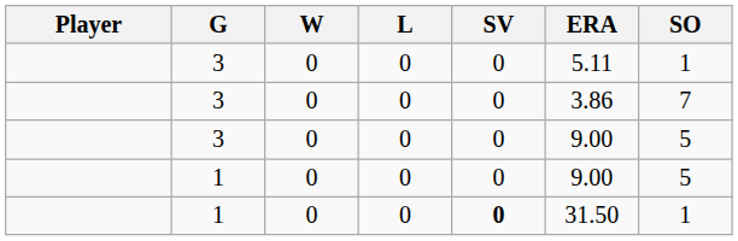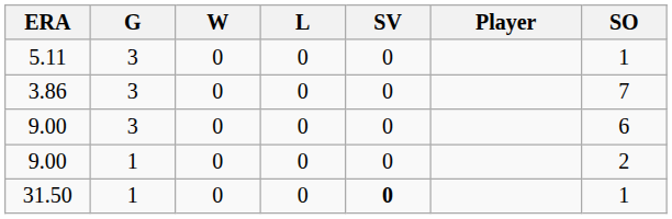 <table class="wikitable sortable">
 <tr>
-<th bgcolor="#DDDDFF" width="16%">Player</th>
+<th bgcolor="#DDDDFF" width="9%">ERA</th>
 <th bgcolor="#DDDDFF" width="9%">G</th>
 <th bgcolor="#DDDDFF" width="9%">W</th>
 <th bgcolor="#DDDDFF" width="9%">L</th>
 <th bgcolor="#DDDDFF" width="9%">SV</th>
-<th bgcolor="#DDDDFF" width="9%">ERA</th>
+<th bgcolor="#DDDDFF" width="16%">Player</th>
 <th bgcolor="#DDDDFF" width="9%">SO</th>
 </tr>
 <tr align="center">
-<td></td>
+<td>5.11</td>
 <td>3</td>
 <td>0</td>
 <td>0</td>
 <td>0</td>
-<td>5.11</td>
+<td></td>
 <td>1</td>
 </tr>
 <tr align="center">
-<td></td>
+<td>3.86</td>
 <td>3</td>
 <td>0</td>
 <td>0</td>
 <td>0</td>
-<td>3.86</td>
+<td></td>
 <td>7</td>
 </tr>
 <tr align="center">
-<td></td>
+<td>9.00</td>
 <td>3</td>
 <td>0</td>
 <td>0</td>
 <td>0</td>
-<td>9.00</td>
-<td>5</td>
+<td></td>
+<td>6</td>
 </tr>
 <tr align="center">
-<td></td>
+<td>9.00</td>
 <td>1</td>
 <td>0</td>
 <td>0</td>
 <td>0</td>
-<td>9.00</td>
-<td>5</td>
+<td></td>
+<td>2</td>
 </tr>
 <tr align="center">
-<td></td>
+<td>31.50</td>
 <td>1</td>
 <td>0</td>
 <td>0</td>
 <td><strong>0</strong></td>
-<td>31.50</td>
+<td></td>
 <td>1</td>
 </tr>
 </table>
